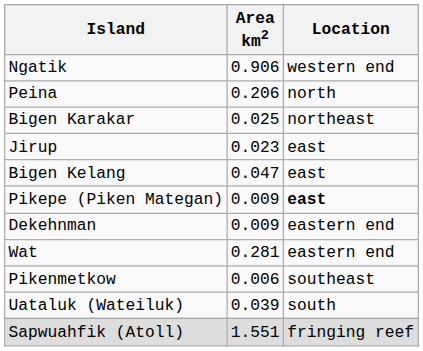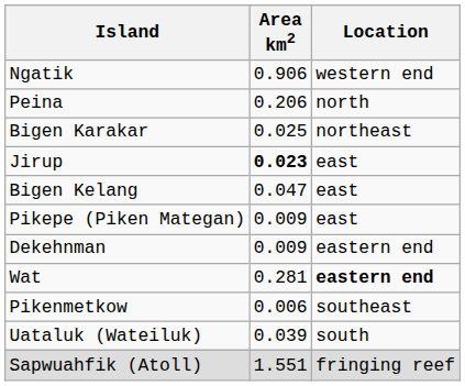 <table class="wikitable sortable">
 <tr style="background: #CCC;">
 <th>Island</th>
 <th align="right">Area<br>km<sup>2</sup></th>
 <th>Location</th>
 </tr>
 <tr>
 <td>Ngatik</td>
 <td align="right">0.906</td>
 <td>western end</td>
 </tr>
 <tr>
 <td>Peina</td>
 <td align="right">0.206</td>
 <td>north</td>
 </tr>
 <tr>
 <td>Bigen Karakar</td>
 <td align="right">0.025</td>
 <td>northeast</td>
 </tr>
 <tr>
 <td>Jirup</td>
-<td align="right">0.023</td>
+<td align="right"><strong>0.023</strong></td>
 <td>east</td>
 </tr>
 <tr>
 <td>Bigen Kelang</td>
 <td align="right">0.047</td>
 <td>east</td>
 </tr>
 <tr>
 <td>Pikepe (Piken Mategan)</td>
 <td align="right">0.009</td>
-<td><strong>east</strong></td>
+<td>east</td>
 </tr>
 <tr>
 <td>Dekehnman</td>
 <td align="right">0.009</td>
 <td>eastern end</td>
 </tr>
 <tr>
 <td>Wat</td>
 <td align="right">0.281</td>
-<td>eastern end</td>
+<td><strong>eastern end</strong></td>
 </tr>
 <tr>
 <td>Pikenmetkow</td>
 <td align="right">0.006</td>
 <td>southeast</td>
 </tr>
 <tr>
 <td>Uataluk (Wateiluk)</td>
 <td align="right">0.039</td>
 <td>south</td>
 </tr>
 <tr>
 </tr>
 <tr style="background: #DDD;" | class="sortbottom">
 <td>Sapwuahfik (Atoll)</td>
 <td align="right">1.551</td>
 <td>fringing reef</td>
 </tr>
 </table>
